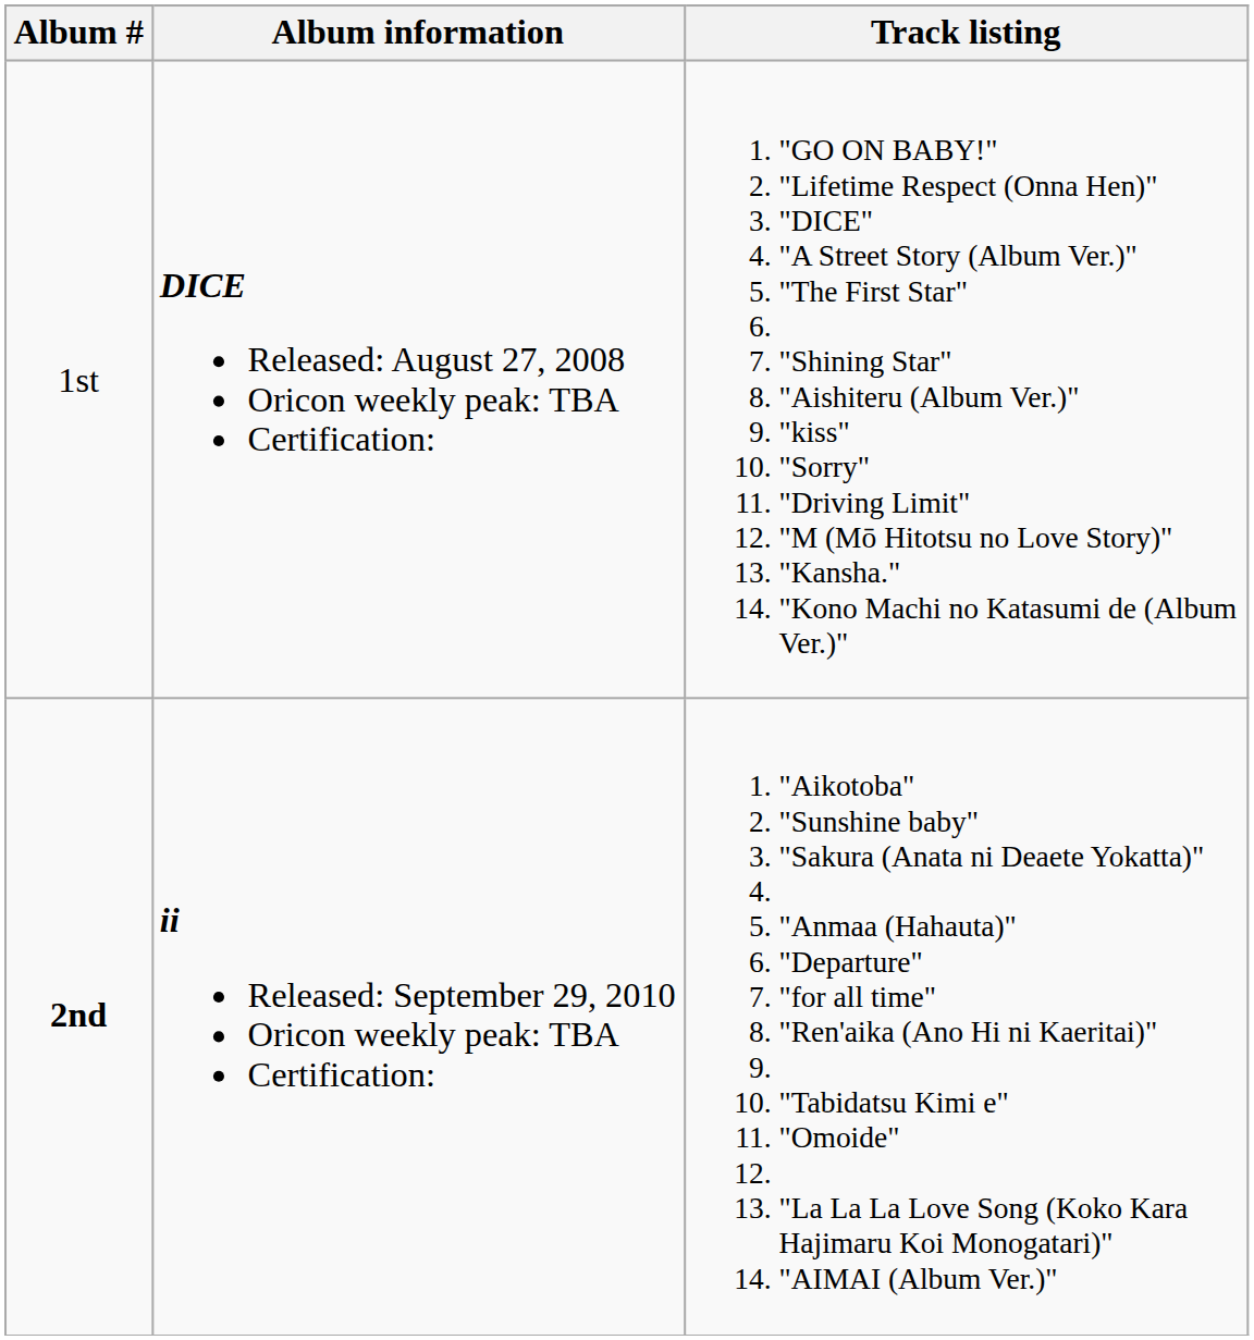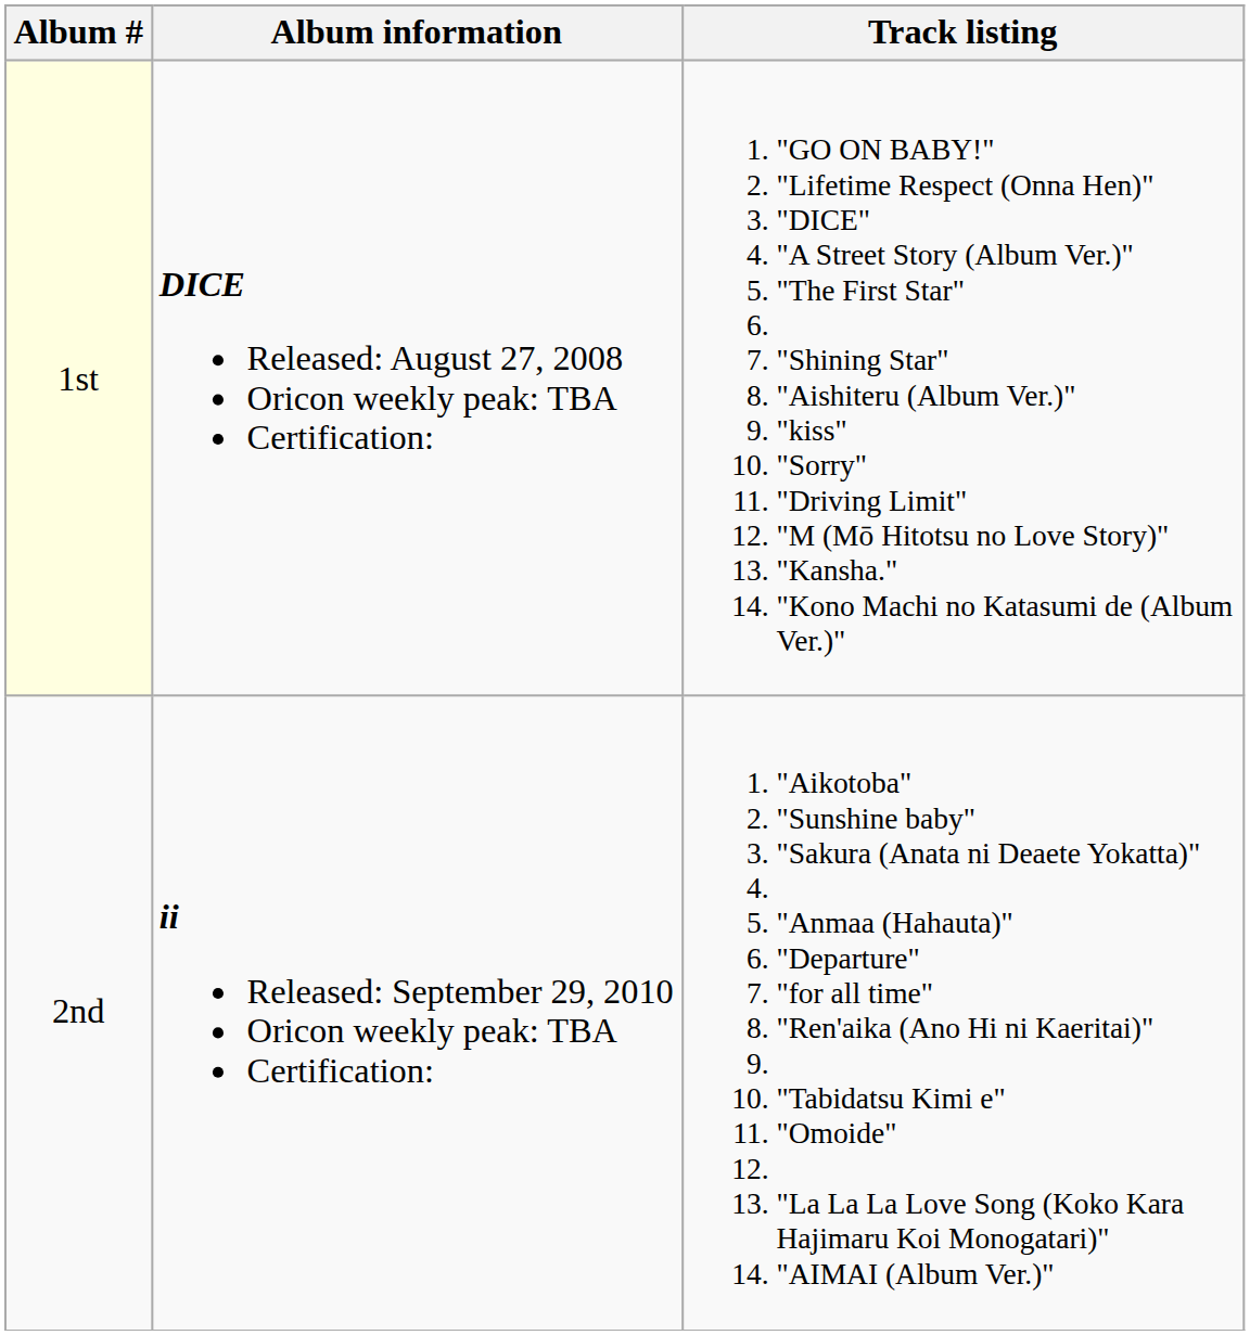 <table class="wikitable">
 <tr>
 <th align="left">Album #</th>
 <th align="left">Album information</th>
 <th align="left">Track listing</th>
 </tr>
 <tr>
-<td align="center">1st</td>
+<td align="center" style="background: lightyellow;">1st</td>
 <td align="left"><strong><em>DICE</em></strong><br><ul><li>Released: August 27, 2008</li><li>Oricon weekly peak: TBA</li><li>Certification:</li></ul></td>
 <td align="left" width="250px" style="font-size: 85%;"><br><ol><li>"GO ON BABY!"</li><li>"Lifetime Respect (Onna Hen)"</li><li>"DICE"</li><li>"A Street Story (Album Ver.)"</li><li>"The First Star"</li><li></li><li>"Shining Star"</li><li>"Aishiteru (Album Ver.)"</li><li>"kiss"</li><li>"Sorry"</li><li>"Driving Limit"</li><li>"M (Mō Hitotsu no Love Story)"</li><li>"Kansha."</li><li>"Kono Machi no Katasumi de (Album Ver.)"</li></ol></td>
 </tr>
 <tr>
-<td align="center"><strong>2nd</strong></td>
+<td align="center">2nd</td>
 <td align="left"><strong><em>ii</em></strong><br><ul><li>Released: September 29, 2010</li><li>Oricon weekly peak: TBA</li><li>Certification:</li></ul></td>
 <td align="left" width="250px" style="font-size: 85%;"><br><ol><li>"Aikotoba"</li><li>"Sunshine baby"</li><li>"Sakura (Anata ni Deaete Yokatta)"</li><li></li><li>"Anmaa (Hahauta)"</li><li>"Departure"</li><li>"for all time"</li><li>"Ren'aika (Ano Hi ni Kaeritai)"</li><li></li><li>"Tabidatsu Kimi e"</li><li>"Omoide"</li><li></li><li>"La La La Love Song (Koko Kara Hajimaru Koi Monogatari)"</li><li>"AIMAI (Album Ver.)"</li></ol></td>
 </tr>
 <tr>
 </tr>
 </table>
